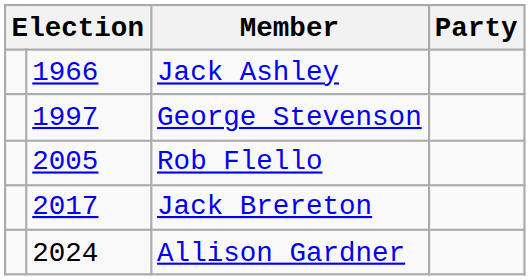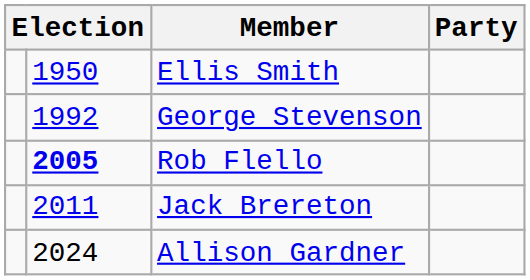 <table class="wikitable">
 <tr>
 <th colspan="2">Election</th>
 <th>Member</th>
 <th>Party</th>
 </tr>
 <tr>
 <td style="color:inherit;background-color: "></td>
-<td><a href='#'>1966</a></td>
-<td><a href='#'>Jack Ashley</a></td>
+<td><a href='#'>1950</a></td>
+<td><a href='#'>Ellis Smith</a></td>
 <td></td>
 </tr>
 <tr>
 <td style="color:inherit;background-color: "></td>
-<td><a href='#'>1997</a></td>
+<td><a href='#'>1992</a></td>
 <td><a href='#'>George Stevenson</a></td>
 <td></td>
 </tr>
 <tr>
 <td style="color:inherit;background-color: "></td>
-<td><a href='#'>2005</a></td>
+<td><strong><a href='#'>2005</a></strong></td>
 <td><a href='#'>Rob Flello</a></td>
 <td></td>
 </tr>
 <tr>
 <td style="color:inherit;background-color: "></td>
-<td><a href='#'>2017</a></td>
+<td><a href='#'>2011</a></td>
 <td><a href='#'>Jack Brereton</a></td>
 <td></td>
 </tr>
 <tr>
 <td style="color:inherit;background-color: "></td>
 <td>2024</td>
 <td><a href='#'>Allison Gardner</a></td>
 <td></td>
 </tr>
 </table>
